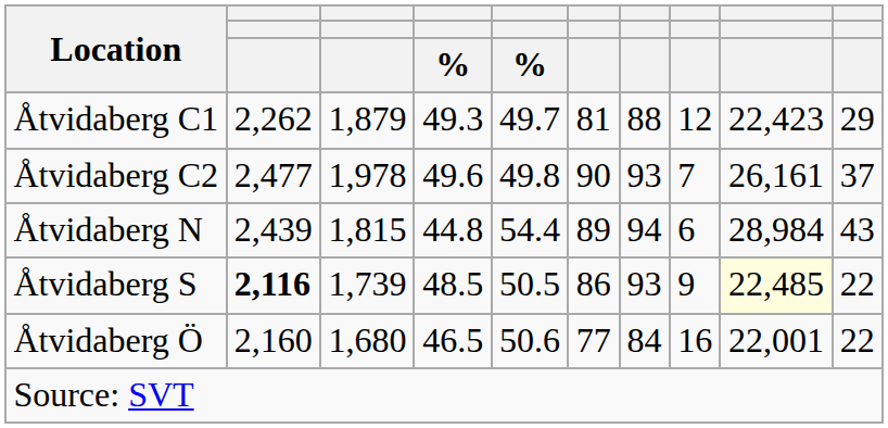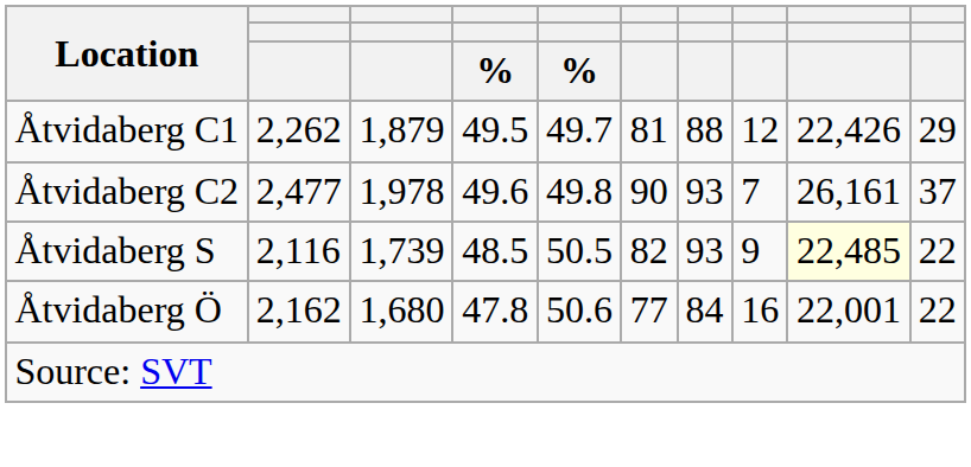 <table role="presentation" class="wikitable sortable mw-collapsible">
 <tr>
 <th rowspan="3">Location</th>
 <th></th>
 <th></th>
 <th></th>
 <th></th>
 <th></th>
 <th></th>
 <th></th>
 <th></th>
 <th></th>
 </tr>
 <tr>
 <th></th>
 <th></th>
 <th style="background:"></th>
 <th style="background:"></th>
 <th></th>
 <th></th>
 <th></th>
 <th></th>
 <th></th>
 </tr>
 <tr>
 <th data-sort-type="number"></th>
 <th data-sort-type="number"></th>
 <th data-sort-type="number">%</th>
 <th data-sort-type="number">%</th>
 <th data-sort-type="number"></th>
 <th data-sort-type="number"></th>
 <th data-sort-type="number"></th>
 <th data-sort-type="number"></th>
 <th data-sort-type="number"></th>
 </tr>
 <tr>
 <td align="left">Åtvidaberg C1</td>
 <td>2,262</td>
 <td>1,879</td>
-<td>49.3</td>
+<td>49.5</td>
 <td>49.7</td>
 <td>81</td>
 <td>88</td>
 <td>12</td>
-<td>22,423</td>
+<td>22,426</td>
 <td>29</td>
 </tr>
 <tr>
 <td align="left">Åtvidaberg C2</td>
 <td>2,477</td>
 <td>1,978</td>
 <td>49.6</td>
 <td>49.8</td>
 <td>90</td>
 <td>93</td>
 <td>7</td>
 <td>26,161</td>
 <td>37</td>
 </tr>
 <tr>
-<td align="left">Åtvidaberg N</td>
-<td>2,439</td>
-<td>1,815</td>
-<td>44.8</td>
-<td>54.4</td>
-<td>89</td>
-<td>94</td>
-<td>6</td>
-<td>28,984</td>
-<td>43</td>
-</tr>
-<tr>
 <td align="left">Åtvidaberg S</td>
-<td><strong>2,116</strong></td>
+<td>2,116</td>
 <td>1,739</td>
 <td>48.5</td>
 <td>50.5</td>
-<td>86</td>
+<td>82</td>
 <td>93</td>
 <td>9</td>
 <td style="background: lightyellow;">22,485</td>
 <td>22</td>
 </tr>
 <tr>
 <td align="left">Åtvidaberg Ö</td>
-<td>2,160</td>
+<td>2,162</td>
 <td>1,680</td>
-<td>46.5</td>
+<td>47.8</td>
 <td>50.6</td>
 <td>77</td>
 <td>84</td>
 <td>16</td>
 <td>22,001</td>
 <td>22</td>
 </tr>
 <tr>
 <td colspan="10" align="left">Source: <a href='#'>SVT</a></td>
 </tr>
 </table>
